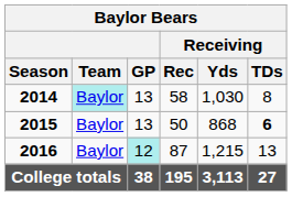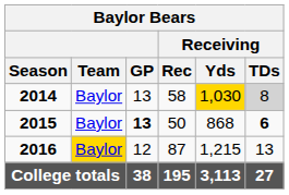 <table class="wikitable" style="text-align:center;">
 <tr>
 <th colspan="15">Baylor Bears</th>
 </tr>
 <tr>
 <th colspan=3></th>
 <th colspan=3>Receiving</th>
 </tr>
 <tr>
 <th>Season</th>
 <th>Team</th>
 <th>GP</th>
 <th>Rec</th>
 <th>Yds</th>
 <th>TDs</th>
 </tr>
 <tr>
 <td><strong>2014</strong></td>
-<td style="background: paleturquoise;"><a href='#'>Baylor</a></td>
+<td><a href='#'>Baylor</a></td>
 <td>13</td>
 <td>58</td>
-<td>1,030</td>
-<td>8</td>
+<td style="background: gold;">1,030</td>
+<td style="background: lightgrey;">8</td>
 </tr>
 <tr>
 <td><strong>2015</strong></td>
 <td><a href='#'>Baylor</a></td>
-<td>13</td>
+<td><strong>13</strong></td>
 <td>50</td>
 <td>868</td>
 <td><strong>6</strong></td>
 </tr>
 <tr>
 <td><strong>2016</strong></td>
-<td><a href='#'>Baylor</a></td>
-<td style="background: paleturquoise;">12</td>
+<td style="background: gold;"><a href='#'>Baylor</a></td>
+<td>12</td>
 <td>87</td>
 <td>1,215</td>
 <td>13</td>
 </tr>
 <tr style="background:#555; font-weight:bold; color:white;">
 <td colspan=2>College totals</td>
 <td>38</td>
 <td>195</td>
 <td>3,113</td>
 <td>27</td>
 </tr>
 </table>
